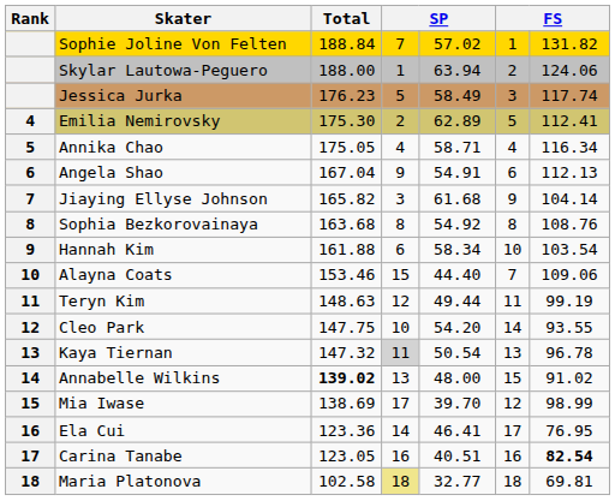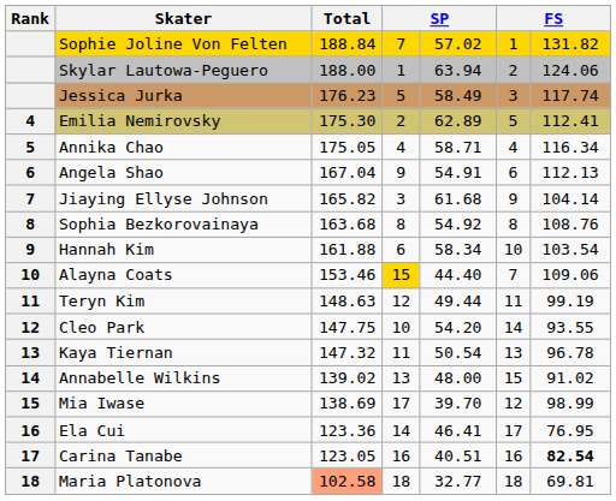 <table class="wikitable sortable" style="text-align:center; width:80%">
 <tr>
 <th scope="col">Rank</th>
 <th scope="col">Skater</th>
 <th scope="col">Total</th>
 <th scope="col" colspan="2" width="80px"><a href='#'>SP</a></th>
 <th scope="col" colspan="2" width="80px"><a href='#'>FS</a></th>
 </tr>
 <tr bgcolor="gold">
 <th scope="row"></th>
 <td align="left">Sophie Joline Von Felten</td>
 <td>188.84</td>
 <td>7</td>
 <td>57.02</td>
 <td>1</td>
 <td>131.82</td>
 </tr>
 <tr bgcolor="silver">
 <th scope="row"></th>
 <td align="left">Skylar Lautowa-Peguero</td>
 <td>188.00</td>
 <td>1</td>
 <td>63.94</td>
 <td>2</td>
 <td>124.06</td>
 </tr>
 <tr bgcolor="cc9966">
 <th scope="row"></th>
 <td align="left">Jessica Jurka</td>
 <td>176.23</td>
 <td>5</td>
 <td>58.49</td>
 <td>3</td>
 <td>117.74</td>
 </tr>
 <tr bgcolor="#d1c571">
 <th scope="row">4</th>
 <td align="left">Emilia Nemirovsky</td>
 <td>175.30</td>
 <td>2</td>
 <td>62.89</td>
 <td>5</td>
 <td>112.41</td>
 </tr>
 <tr>
 <th scope="row">5</th>
 <td align="left">Annika Chao</td>
 <td>175.05</td>
 <td>4</td>
 <td>58.71</td>
 <td>4</td>
 <td>116.34</td>
 </tr>
 <tr>
 <th scope="row">6</th>
 <td align="left">Angela Shao</td>
 <td>167.04</td>
 <td>9</td>
 <td>54.91</td>
 <td>6</td>
 <td>112.13</td>
 </tr>
 <tr>
 <th scope="row">7</th>
 <td align="left">Jiaying Ellyse Johnson</td>
 <td>165.82</td>
 <td>3</td>
 <td>61.68</td>
 <td>9</td>
 <td>104.14</td>
 </tr>
 <tr>
 <th scope="row">8</th>
 <td align="left">Sophia Bezkorovainaya</td>
 <td>163.68</td>
 <td>8</td>
 <td>54.92</td>
 <td>8</td>
 <td>108.76</td>
 </tr>
 <tr>
 <th scope="row">9</th>
 <td align="left">Hannah Kim</td>
 <td>161.88</td>
 <td>6</td>
 <td>58.34</td>
 <td>10</td>
 <td>103.54</td>
 </tr>
 <tr>
 <th scope="row">10</th>
 <td align="left">Alayna Coats</td>
 <td>153.46</td>
-<td>15</td>
+<td style="background: gold;">15</td>
 <td>44.40</td>
 <td>7</td>
 <td>109.06</td>
 </tr>
 <tr>
 <th scope="row">11</th>
 <td align="left">Teryn Kim</td>
 <td>148.63</td>
 <td>12</td>
 <td>49.44</td>
 <td>11</td>
 <td>99.19</td>
 </tr>
 <tr>
 <th scope="row">12</th>
 <td align="left">Cleo Park</td>
 <td>147.75</td>
 <td>10</td>
 <td>54.20</td>
 <td>14</td>
 <td>93.55</td>
 </tr>
 <tr>
 <th scope="row">13</th>
 <td align="left">Kaya Tiernan</td>
 <td>147.32</td>
-<td style="background: lightgrey;">11</td>
+<td>11</td>
 <td>50.54</td>
 <td>13</td>
 <td>96.78</td>
 </tr>
 <tr>
 <th scope="row">14</th>
 <td align="left">Annabelle Wilkins</td>
-<td><strong>139.02</strong></td>
+<td>139.02</td>
 <td>13</td>
 <td>48.00</td>
 <td>15</td>
 <td>91.02</td>
 </tr>
 <tr>
 <th scope="row">15</th>
 <td align="left">Mia Iwase</td>
 <td>138.69</td>
 <td>17</td>
 <td>39.70</td>
 <td>12</td>
 <td>98.99</td>
 </tr>
 <tr>
 <th scope="row">16</th>
 <td align="left">Ela Cui</td>
 <td>123.36</td>
 <td>14</td>
 <td>46.41</td>
 <td>17</td>
 <td>76.95</td>
 </tr>
 <tr>
 <th scope="row">17</th>
 <td align="left">Carina Tanabe</td>
 <td>123.05</td>
 <td>16</td>
 <td>40.51</td>
 <td>16</td>
 <td><strong>82.54</strong></td>
 </tr>
 <tr>
 <th scope="row">18</th>
 <td align="left">Maria Platonova</td>
-<td>102.58</td>
-<td style="background: khaki;">18</td>
+<td style="background: lightsalmon;">102.58</td>
+<td>18</td>
 <td>32.77</td>
 <td>18</td>
 <td>69.81</td>
 </tr>
 </table>
